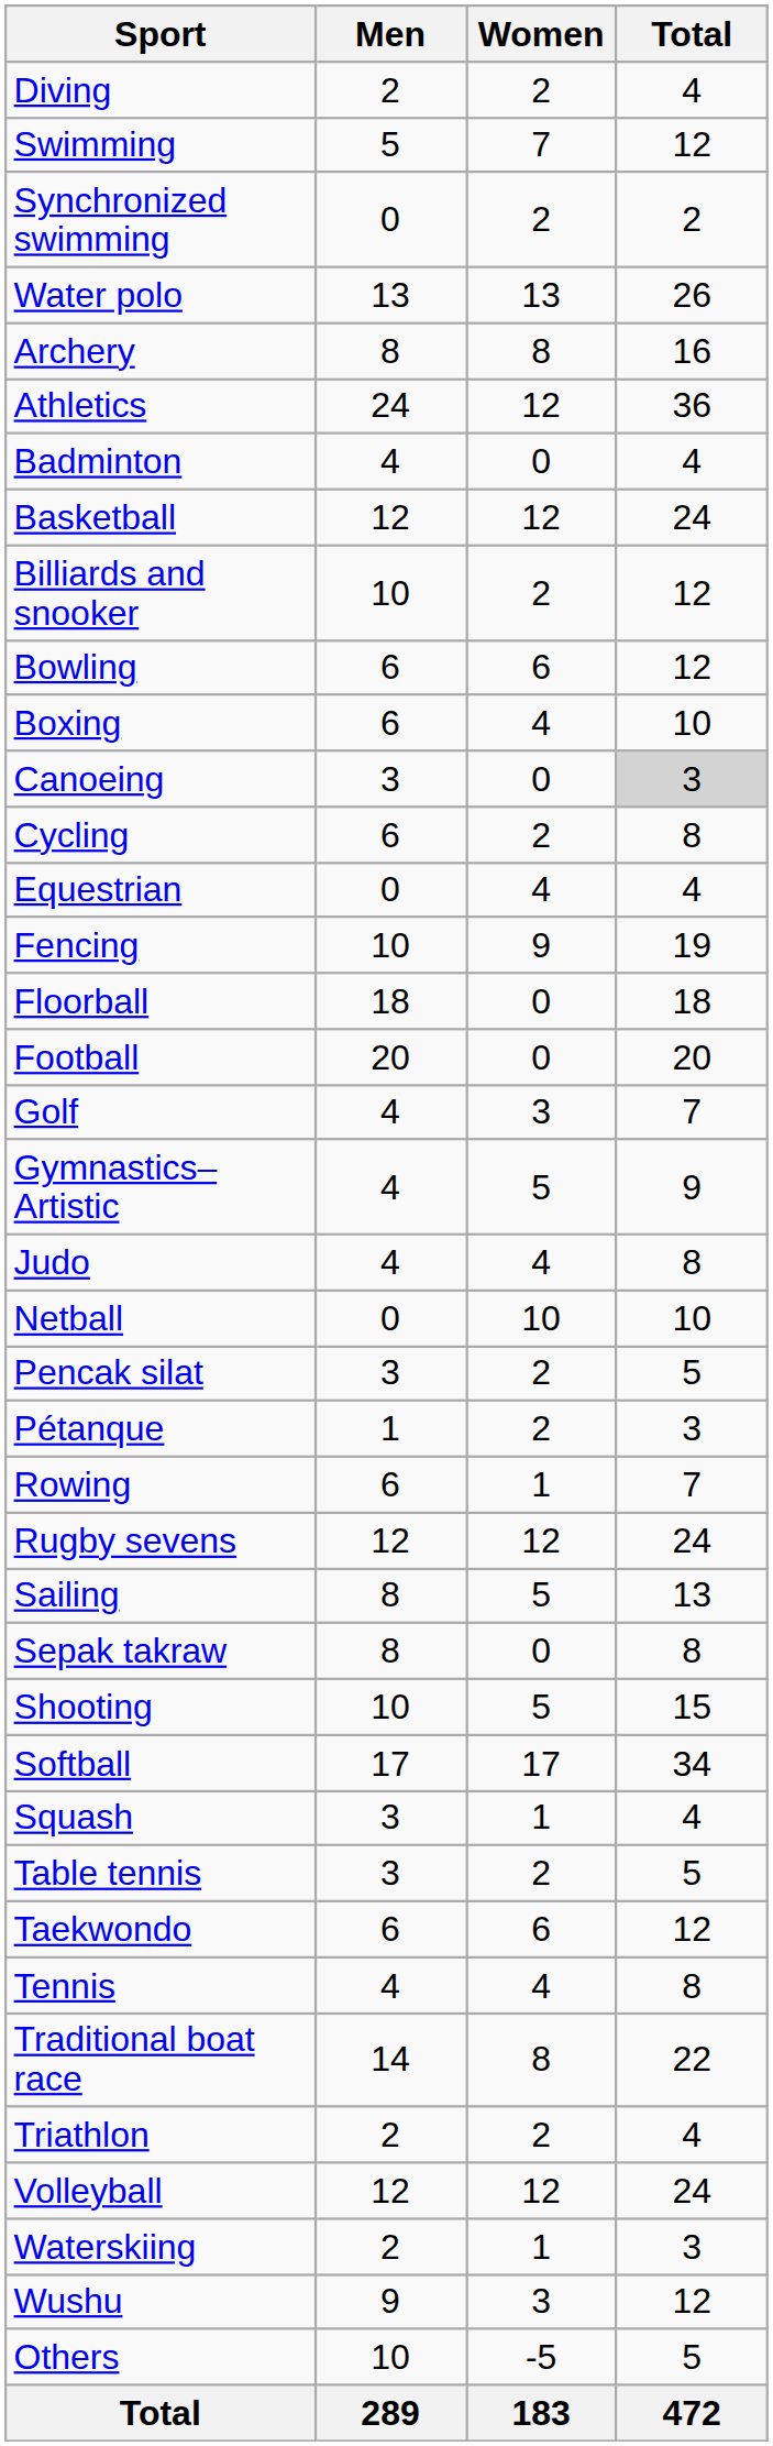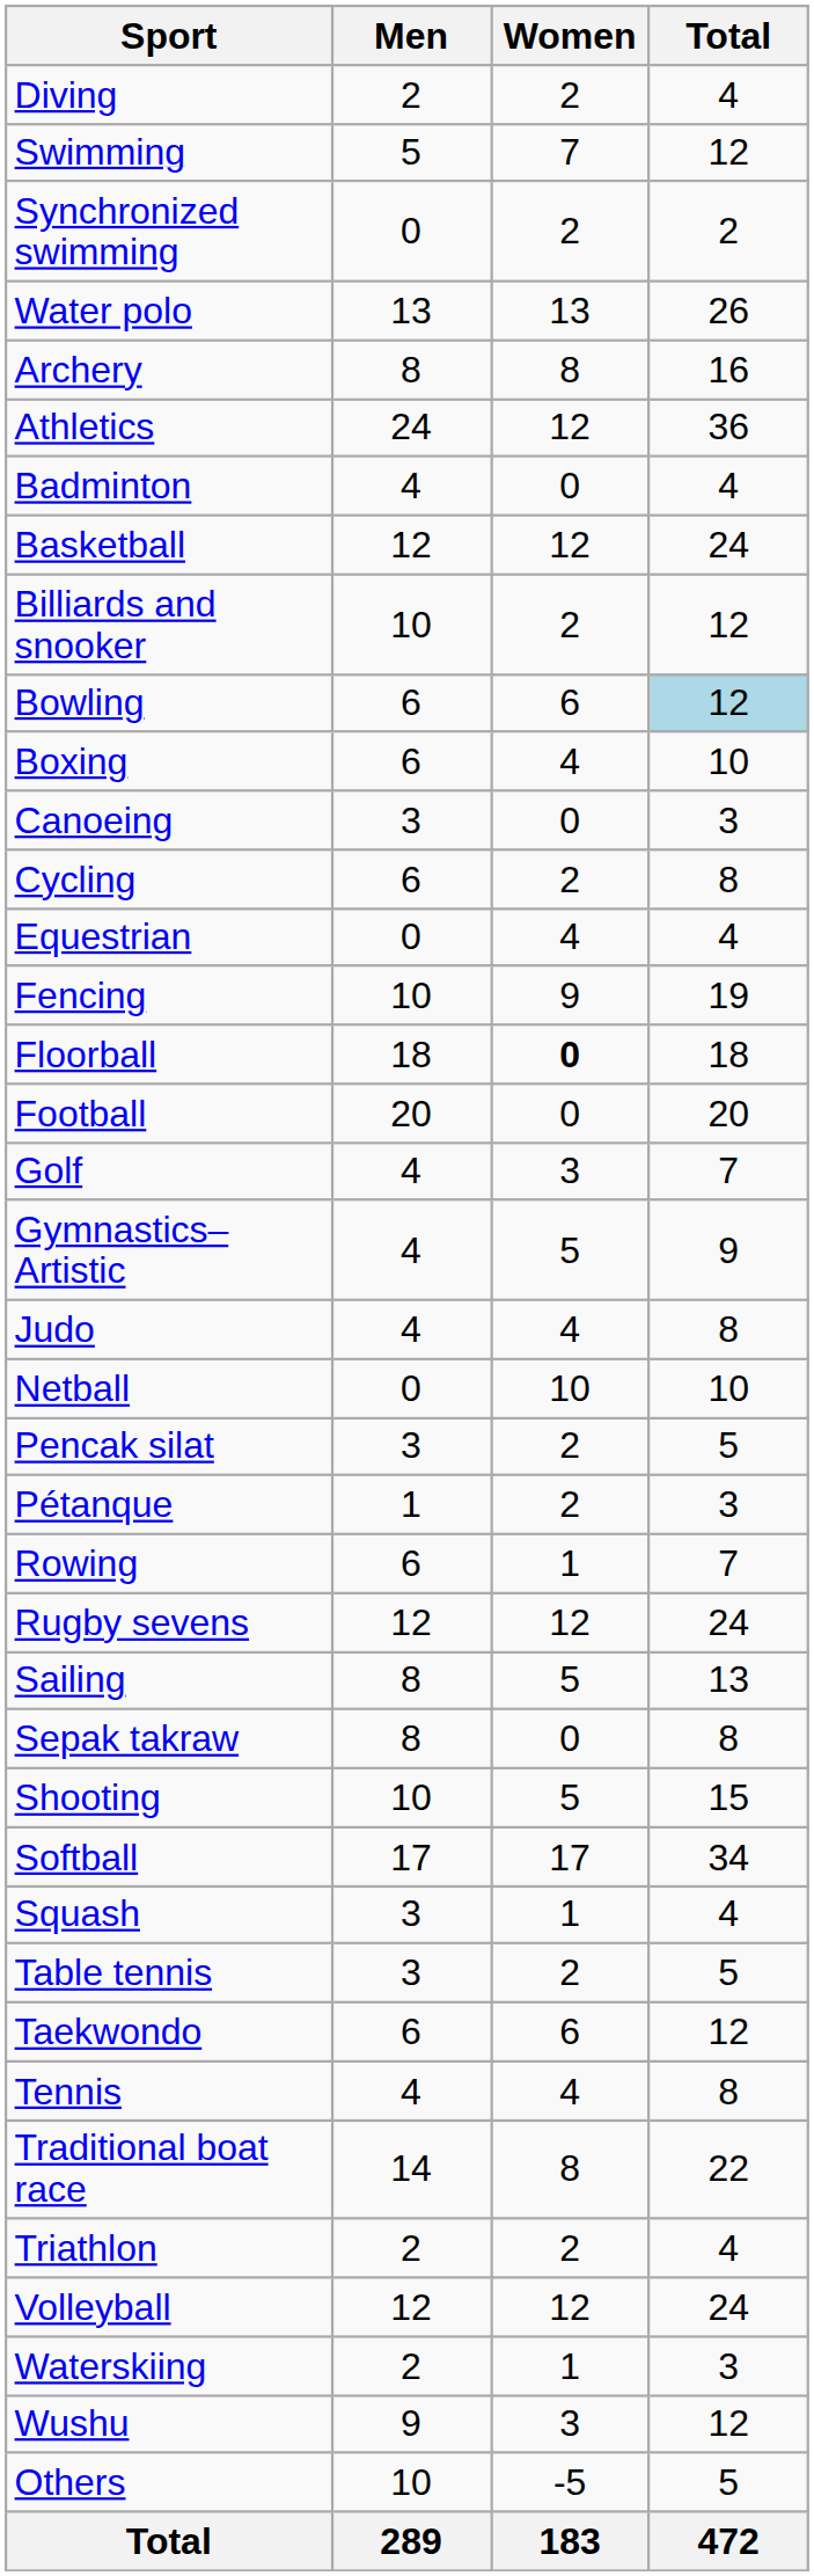 <table class="wikitable sortable" style="font-size:90%; text-align:center;">
 <tr>
 <th width=120>Sport</th>
 <th width=55>Men</th>
 <th width=55>Women</th>
 <th width=55>Total</th>
 </tr>
 <tr>
 <td align=left><a href='#'>Diving</a></td>
 <td>2</td>
 <td>2</td>
 <td>4</td>
 </tr>
 <tr>
 <td align=left><a href='#'>Swimming</a></td>
 <td>5</td>
 <td>7</td>
 <td>12</td>
 </tr>
 <tr>
 <td align=left><a href='#'>Synchronized swimming</a></td>
 <td>0</td>
 <td>2</td>
 <td>2</td>
 </tr>
 <tr>
 <td align=left><a href='#'>Water polo</a></td>
 <td>13</td>
 <td>13</td>
 <td>26</td>
 </tr>
 <tr>
 <td align=left><a href='#'>Archery</a></td>
 <td>8</td>
 <td>8</td>
 <td>16</td>
 </tr>
 <tr>
 <td align=left><a href='#'>Athletics</a></td>
 <td>24</td>
 <td>12</td>
 <td>36</td>
 </tr>
 <tr>
 <td align=left><a href='#'>Badminton</a></td>
 <td>4</td>
 <td>0</td>
 <td>4</td>
 </tr>
 <tr>
 <td align=left><a href='#'>Basketball</a></td>
 <td>12</td>
 <td>12</td>
 <td>24</td>
 </tr>
 <tr>
 <td align=left><a href='#'>Billiards and snooker</a></td>
 <td>10</td>
 <td>2</td>
 <td>12</td>
 </tr>
 <tr>
 <td align=left><a href='#'>Bowling</a></td>
 <td>6</td>
 <td>6</td>
-<td>12</td>
+<td style="background: lightblue;">12</td>
 </tr>
 <tr>
 <td align=left><a href='#'>Boxing</a></td>
 <td>6</td>
 <td>4</td>
 <td>10</td>
 </tr>
 <tr>
 <td align=left><a href='#'>Canoeing</a></td>
 <td>3</td>
 <td>0</td>
-<td style="background: lightgrey;">3</td>
+<td>3</td>
 </tr>
 <tr>
 <td align=left><a href='#'>Cycling</a></td>
 <td>6</td>
 <td>2</td>
 <td>8</td>
 </tr>
 <tr>
 <td align=left><a href='#'>Equestrian</a></td>
 <td>0</td>
 <td>4</td>
 <td>4</td>
 </tr>
 <tr>
 <td align=left><a href='#'>Fencing</a></td>
 <td>10</td>
 <td>9</td>
 <td>19</td>
 </tr>
 <tr>
 <td align=left><a href='#'>Floorball</a></td>
 <td>18</td>
-<td>0</td>
+<td><strong>0</strong></td>
 <td>18</td>
 </tr>
 <tr>
 <td align=left><a href='#'>Football</a></td>
 <td>20</td>
 <td>0</td>
 <td>20</td>
 </tr>
 <tr>
 <td align=left><a href='#'>Golf</a></td>
 <td>4</td>
 <td>3</td>
 <td>7</td>
 </tr>
 <tr>
 <td align=left><a href='#'>Gymnastics–Artistic</a></td>
 <td>4</td>
 <td>5</td>
 <td>9</td>
 </tr>
 <tr>
 <td align=left><a href='#'>Judo</a></td>
 <td>4</td>
 <td>4</td>
 <td>8</td>
 </tr>
 <tr>
 <td align=left><a href='#'>Netball</a></td>
 <td>0</td>
 <td>10</td>
 <td>10</td>
 </tr>
 <tr>
 <td align=left><a href='#'>Pencak silat</a></td>
 <td>3</td>
 <td>2</td>
 <td>5</td>
 </tr>
 <tr>
 <td align=left><a href='#'>Pétanque</a></td>
 <td>1</td>
 <td>2</td>
 <td>3</td>
 </tr>
 <tr>
 <td align=left><a href='#'>Rowing</a></td>
 <td>6</td>
 <td>1</td>
 <td>7</td>
 </tr>
 <tr>
 <td align=left><a href='#'>Rugby sevens</a></td>
 <td>12</td>
 <td>12</td>
 <td>24</td>
 </tr>
 <tr>
 <td align=left><a href='#'>Sailing</a></td>
 <td>8</td>
 <td>5</td>
 <td>13</td>
 </tr>
 <tr>
 <td align=left><a href='#'>Sepak takraw</a></td>
 <td>8</td>
 <td>0</td>
 <td>8</td>
 </tr>
 <tr>
 <td align=left><a href='#'>Shooting</a></td>
 <td>10</td>
 <td>5</td>
 <td>15</td>
 </tr>
 <tr>
 <td align=left><a href='#'>Softball</a></td>
 <td>17</td>
 <td>17</td>
 <td>34</td>
 </tr>
 <tr>
 <td align=left><a href='#'>Squash</a></td>
 <td>3</td>
 <td>1</td>
 <td>4</td>
 </tr>
 <tr>
 <td align=left><a href='#'>Table tennis</a></td>
 <td>3</td>
 <td>2</td>
 <td>5</td>
 </tr>
 <tr>
 <td align=left><a href='#'>Taekwondo</a></td>
 <td>6</td>
 <td>6</td>
 <td>12</td>
 </tr>
 <tr>
 <td align=left><a href='#'>Tennis</a></td>
 <td>4</td>
 <td>4</td>
 <td>8</td>
 </tr>
 <tr>
 <td align=left><a href='#'>Traditional boat race</a></td>
 <td>14</td>
 <td>8</td>
 <td>22</td>
 </tr>
 <tr>
 <td align=left><a href='#'>Triathlon</a></td>
 <td>2</td>
 <td>2</td>
 <td>4</td>
 </tr>
 <tr>
 <td align=left><a href='#'>Volleyball</a></td>
 <td>12</td>
 <td>12</td>
 <td>24</td>
 </tr>
 <tr>
 <td align=left><a href='#'>Waterskiing</a></td>
 <td>2</td>
 <td>1</td>
 <td>3</td>
 </tr>
 <tr>
 <td align=left><a href='#'>Wushu</a></td>
 <td>9</td>
 <td>3</td>
 <td>12</td>
 </tr>
 <tr>
 <td align=left><a href='#'>Others</a></td>
 <td>10</td>
 <td>-5</td>
 <td>5</td>
 </tr>
 <tr class="sortbottom">
 <th>Total</th>
 <th>289</th>
 <th>183</th>
 <th>472</th>
 </tr>
 </table>
